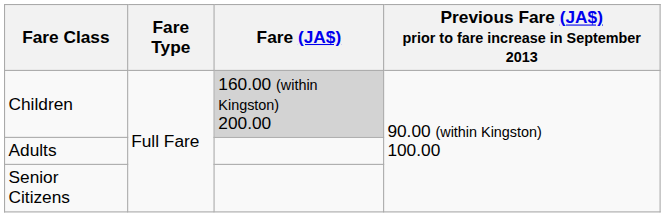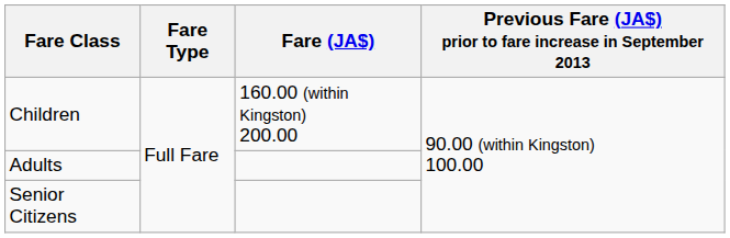 <table class="wikitable">
 <tr>
 <th>Fare Class</th>
 <th>Fare Type</th>
 <th>Fare <a href='#'>(JA$)</a></th>
 <th>Previous Fare <a href='#'>(JA$)</a><br><small>prior to fare increase in September 2013</small></th>
 </tr>
 <tr>
 <td>Children</td>
 <td rowspan='3'>Full Fare</td>
-<td style="background: lightgrey;">160.00 <small>(within Kingston)</small><br>200.00</td>
+<td>160.00 <small>(within Kingston)</small><br>200.00</td>
 <td rowspan="3">90.00 <small>(within Kingston)</small><br>100.00</td>
 </tr>
 <tr>
 <td>Adults</td>
 <td></td>
 </tr>
 <tr>
 <td>Senior Citizens</td>
 <td></td>
 </tr>
 </table>
